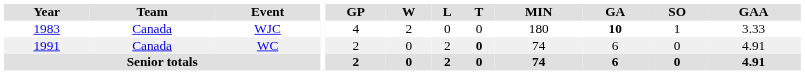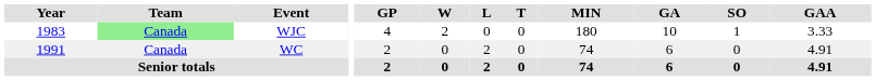 <table border="0" cellpadding="1" cellspacing="0" ID="Table3" style="text-align:center; width:60em">
 <tr ALIGN="center" bgcolor="#e0e0e0">
 <th>Year</th>
 <th>Team</th>
 <th>Event</th>
 <th rowspan="99" bgcolor="#ffffff"></th>
 <th>GP</th>
 <th>W</th>
 <th>L</th>
 <th>T</th>
 <th>MIN</th>
 <th>GA</th>
 <th>SO</th>
 <th>GAA</th>
 </tr>
 <tr>
 <td><a href='#'>1983</a></td>
-<td><a href='#'>Canada</a></td>
+<td style="background: lightgreen;"><a href='#'>Canada</a></td>
 <td><a href='#'>WJC</a></td>
 <td>4</td>
 <td>2</td>
 <td>0</td>
 <td>0</td>
 <td>180</td>
-<td><strong>10</strong></td>
+<td>10</td>
 <td>1</td>
 <td>3.33</td>
 </tr>
 <tr bgcolor="#f0f0f0">
 <td><a href='#'>1991</a></td>
 <td><a href='#'>Canada</a></td>
 <td><a href='#'>WC</a></td>
 <td>2</td>
 <td>0</td>
 <td>2</td>
-<td><strong>0</strong></td>
+<td>0</td>
 <td>74</td>
 <td>6</td>
 <td>0</td>
 <td>4.91</td>
 </tr>
 <tr bgcolor="#e0e0e0">
 <th colspan="3">Senior totals</th>
 <th>2</th>
 <th>0</th>
 <th>2</th>
 <th>0</th>
 <th>74</th>
 <th>6</th>
 <th>0</th>
 <th>4.91</th>
 </tr>
 </table>
